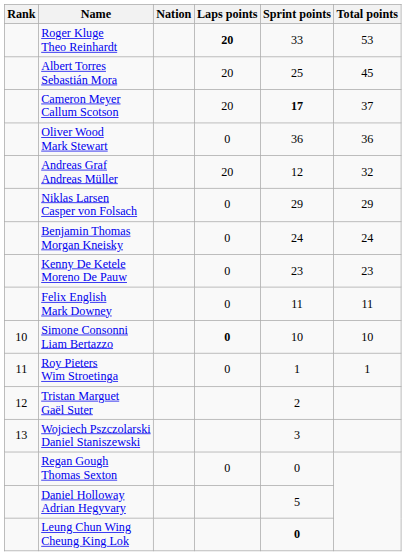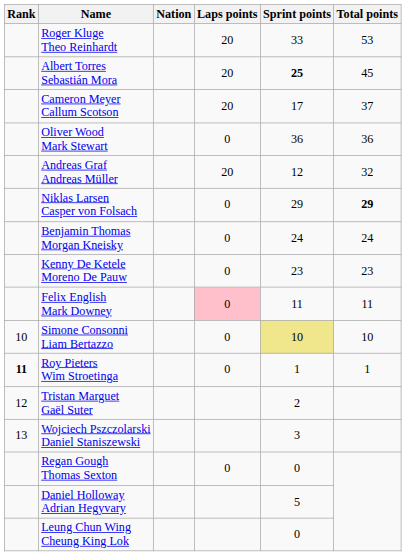 <table class="wikitable sortable" style="text-align:center">
 <tr>
 <th>Rank</th>
 <th>Name</th>
 <th>Nation</th>
 <th>Laps points</th>
 <th>Sprint points</th>
 <th>Total points</th>
 </tr>
 <tr>
 <td></td>
 <td align="left"><a href='#'>Roger Kluge</a><br><a href='#'>Theo Reinhardt</a></td>
 <td align="left"></td>
-<td><strong>20</strong></td>
+<td>20</td>
 <td>33</td>
 <td>53</td>
 </tr>
 <tr>
 <td></td>
 <td align="left"><a href='#'>Albert Torres</a><br><a href='#'>Sebastián Mora</a></td>
 <td align="left"></td>
 <td>20</td>
-<td>25</td>
+<td><strong>25</strong></td>
 <td>45</td>
 </tr>
 <tr>
 <td></td>
 <td align="left"><a href='#'>Cameron Meyer</a><br><a href='#'>Callum Scotson</a></td>
 <td align="left"></td>
 <td>20</td>
-<td><strong>17</strong></td>
+<td>17</td>
 <td>37</td>
 </tr>
 <tr>
 <td></td>
 <td align="left"><a href='#'>Oliver Wood</a><br><a href='#'>Mark Stewart</a></td>
 <td align="left"></td>
 <td>0</td>
 <td>36</td>
 <td>36</td>
 </tr>
 <tr>
 <td></td>
 <td align="left"><a href='#'>Andreas Graf</a><br><a href='#'>Andreas Müller</a></td>
 <td align="left"></td>
 <td>20</td>
 <td>12</td>
 <td>32</td>
 </tr>
 <tr>
 <td></td>
 <td align="left"><a href='#'>Niklas Larsen</a><br><a href='#'>Casper von Folsach</a></td>
 <td align="left"></td>
 <td>0</td>
 <td>29</td>
-<td>29</td>
+<td><strong>29</strong></td>
 </tr>
 <tr>
 <td></td>
 <td align="left"><a href='#'>Benjamin Thomas</a><br><a href='#'>Morgan Kneisky</a></td>
 <td align="left"></td>
 <td>0</td>
 <td>24</td>
 <td>24</td>
 </tr>
 <tr>
 <td></td>
 <td align="left"><a href='#'>Kenny De Ketele</a><br><a href='#'>Moreno De Pauw</a></td>
 <td align="left"></td>
 <td>0</td>
 <td>23</td>
 <td>23</td>
 </tr>
 <tr>
 <td></td>
 <td align="left"><a href='#'>Felix English</a><br><a href='#'>Mark Downey</a></td>
 <td align="left"></td>
-<td>0</td>
+<td style="background: pink;">0</td>
 <td>11</td>
 <td>11</td>
 </tr>
 <tr>
 <td>10</td>
 <td align="left"><a href='#'>Simone Consonni</a><br><a href='#'>Liam Bertazzo</a></td>
 <td align="left"></td>
-<td><strong>0</strong></td>
-<td>10</td>
+<td>0</td>
+<td style="background: khaki;">10</td>
 <td>10</td>
 </tr>
 <tr>
-<td>11</td>
+<td><strong>11</strong></td>
 <td align="left"><a href='#'>Roy Pieters</a><br><a href='#'>Wim Stroetinga</a></td>
 <td align="left"></td>
 <td>0</td>
 <td>1</td>
 <td>1</td>
 </tr>
 <tr>
 <td>12</td>
 <td align="left"><a href='#'>Tristan Marguet</a><br><a href='#'>Gaël Suter</a></td>
 <td align="left"></td>
 <td></td>
 <td>2</td>
 <td></td>
 </tr>
 <tr>
 <td>13</td>
 <td align="left"><a href='#'>Wojciech Pszczolarski</a><br><a href='#'>Daniel Staniszewski</a></td>
 <td align="left"></td>
 <td></td>
 <td>3</td>
 <td></td>
 </tr>
 <tr>
 <td></td>
 <td align="left"><a href='#'>Regan Gough</a><br><a href='#'>Thomas Sexton</a></td>
 <td align=left></td>
 <td>0</td>
 <td>0</td>
 <td rowspan=3></td>
 </tr>
 <tr>
 <td></td>
 <td align="left"><a href='#'>Daniel Holloway</a><br><a href='#'>Adrian Hegyvary</a></td>
 <td align=left></td>
 <td></td>
 <td>5</td>
 </tr>
 <tr>
 <td></td>
 <td align=left><a href='#'>Leung Chun Wing</a><br><a href='#'>Cheung King Lok</a></td>
 <td align=left></td>
 <td></td>
-<td><strong>0</strong></td>
+<td>0</td>
 </tr>
 </table>
